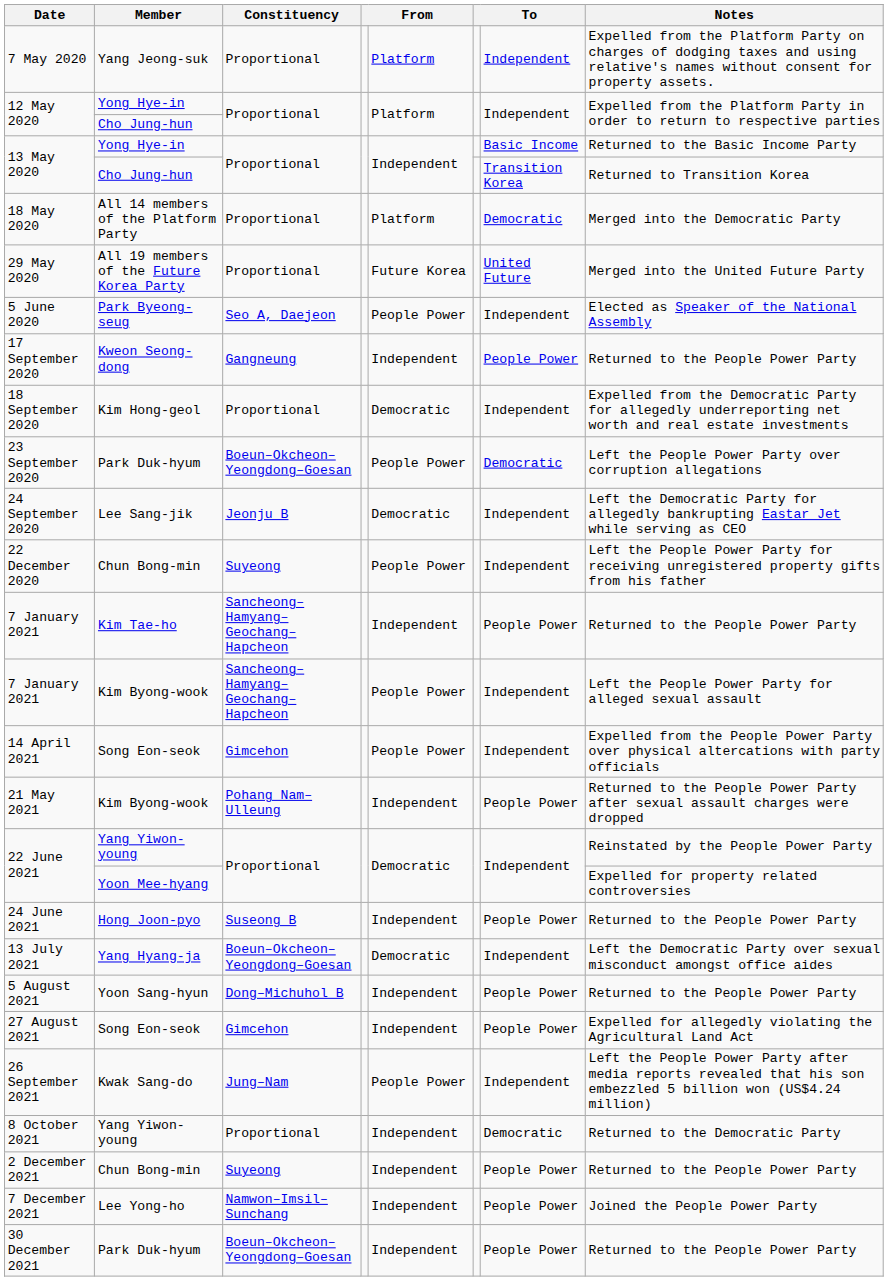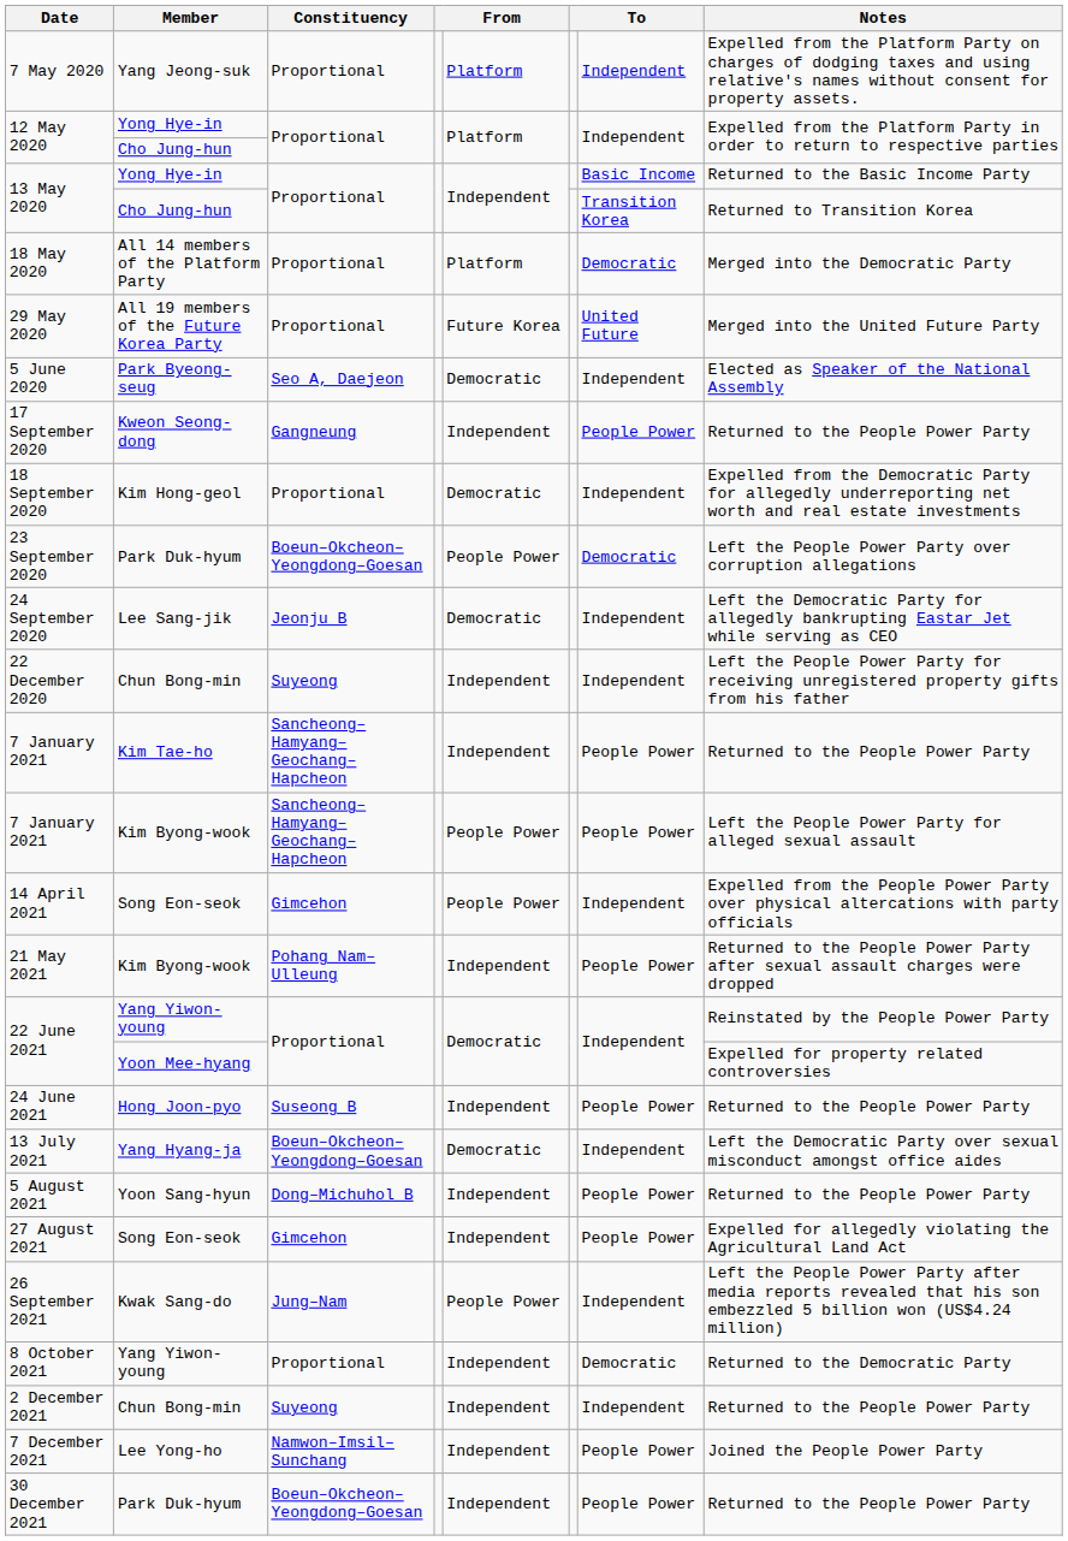 <table class="wikitable sortable plainrowheaders">
 <tr>
 <th>Date</th>
 <th style="width:120px;">Member</th>
 <th>Constituency</th>
 <th colspan="2" style="width:150px;">From</th>
 <th colspan="2" style="width:150px;">To</th>
 <th class="unsortable">Notes</th>
 </tr>
 <tr>
 <td>7 May 2020</td>
 <td>Yang Jeong-suk</td>
 <td>Proportional</td>
 <td width="1" scope="row" rowspan="1" style="background-color:"></td>
 <td><a href='#'>Platform</a></td>
 <td scope="row" style="background-color:"></td>
 <td><a href='#'>Independent</a></td>
 <td>Expelled from the Platform Party on charges of dodging taxes and using relative's names without consent for property assets.</td>
 </tr>
 <tr>
 <td rowspan="2">12 May 2020</td>
 <td><a href='#'>Yong Hye-in</a></td>
 <td rowspan="2">Proportional</td>
 <td width="1" scope="row" rowspan="2" style="background-color:"></td>
 <td rowspan="2">Platform</td>
 <td width="1" scope="row" rowspan="2" style="background-color:"></td>
 <td rowspan="2">Independent</td>
 <td rowspan="2">Expelled from the Platform Party in order to return to respective parties</td>
 </tr>
 <tr>
 <td><a href='#'>Cho Jung-hun</a></td>
 </tr>
 <tr>
 <td rowspan="2">13 May 2020</td>
 <td><a href='#'>Yong Hye-in</a></td>
 <td rowspan="2">Proportional</td>
 <td width="1" scope="row" rowspan="2" style="background-color:"></td>
 <td rowspan="2">Independent</td>
 <td width="1" scope="row" rowspan="1" style="background-color:"></td>
 <td><a href='#'>Basic Income</a></td>
 <td>Returned to the Basic Income Party</td>
 </tr>
 <tr>
 <td><a href='#'>Cho Jung-hun</a></td>
 <td width="1" scope="row" rowspan="1" style="background-color:"></td>
 <td><a href='#'>Transition Korea</a></td>
 <td>Returned to Transition Korea</td>
 </tr>
 <tr>
 <td>18 May 2020</td>
 <td>All 14 members of the Platform Party</td>
 <td>Proportional</td>
 <td width="1" scope="row" rowspan="1" style="background-color:"></td>
 <td>Platform</td>
 <td width="1" scope="row" rowspan="1" style="background-color:"></td>
 <td><a href='#'>Democratic</a></td>
 <td>Merged into the Democratic Party</td>
 </tr>
 <tr>
 <td>29 May 2020</td>
 <td>All 19 members of the <a href='#'>Future Korea Party</a></td>
 <td>Proportional</td>
 <td width="1" scope="row" rowspan="1" style="background-color:"></td>
 <td>Future Korea</td>
 <td width="1" scope="row" rowspan="1" style="background-color:"></td>
 <td><a href='#'>United Future</a></td>
 <td>Merged into the United Future Party</td>
 </tr>
 <tr>
 <td>5 June 2020</td>
 <td><a href='#'>Park Byeong-seug</a></td>
 <td><a href='#'>Seo A, Daejeon</a></td>
 <td width="1" scope="row" rowspan="1" style="background-color:"></td>
-<td>People Power</td>
+<td>Democratic</td>
 <td width="1" scope="row" rowspan="1" style="background-color:"></td>
 <td>Independent</td>
 <td>Elected as <a href='#'>Speaker of the National Assembly</a></td>
 </tr>
 <tr>
 <td>17 September 2020</td>
 <td><a href='#'>Kweon Seong-dong</a></td>
 <td><a href='#'>Gangneung</a></td>
 <td width="1" scope="row" rowspan="1" style="background-color:"></td>
 <td>Independent</td>
 <td width="1" scope="row" rowspan="1" style="background-color:"></td>
 <td><a href='#'>People Power</a></td>
 <td>Returned to the People Power Party</td>
 </tr>
 <tr>
 <td>18 September 2020</td>
 <td>Kim Hong-geol</td>
 <td>Proportional</td>
 <td width="1" scope="row" rowspan="1" style="background-color:"></td>
 <td>Democratic</td>
 <td width="1" scope="row" rowspan="1" style="background-color:"></td>
 <td>Independent</td>
 <td>Expelled from the Democratic Party for allegedly underreporting net worth and real estate investments</td>
 </tr>
 <tr>
 <td>23 September 2020</td>
 <td>Park Duk-hyum</td>
 <td><a href='#'>Boeun–Okcheon–Yeongdong–Goesan</a></td>
 <td width="1" scope="row" rowspan="1" style="background-color:"></td>
 <td>People Power</td>
 <td width="1" scope="row" rowspan="1" style="background-color:"></td>
 <td><a href='#'>Democratic</a></td>
 <td>Left the People Power Party over corruption allegations</td>
 </tr>
 <tr>
 <td>24 September 2020</td>
 <td>Lee Sang-jik</td>
 <td><a href='#'>Jeonju B</a></td>
 <td width="1" scope="row" rowspan="1" style="background-color:"></td>
 <td>Democratic</td>
 <td width="1" scope="row" rowspan="1" style="background-color:"></td>
 <td>Independent</td>
 <td>Left the Democratic Party for allegedly bankrupting <a href='#'>Eastar Jet</a> while serving as CEO</td>
 </tr>
 <tr>
 <td>22 December 2020</td>
 <td>Chun Bong-min</td>
 <td><a href='#'>Suyeong</a></td>
 <td width="1" scope="row" rowspan="1" style="background-color:"></td>
-<td>People Power</td>
+<td>Independent</td>
 <td width="1" scope="row" rowspan="1" style="background-color:"></td>
 <td>Independent</td>
 <td>Left the People Power Party for receiving unregistered property gifts from his father</td>
 </tr>
 <tr>
 <td>7 January 2021</td>
 <td><a href='#'>Kim Tae-ho</a></td>
 <td><a href='#'>Sancheong–Hamyang–Geochang–Hapcheon</a></td>
 <td width="1" scope="row" rowspan="1" style="background-color:"></td>
 <td>Independent</td>
 <td width="1" scope="row" rowspan="1" style="background-color:"></td>
 <td>People Power</td>
 <td>Returned to the People Power Party</td>
 </tr>
 <tr>
 <td>7 January 2021</td>
 <td>Kim Byong-wook</td>
 <td><a href='#'>Sancheong–Hamyang–Geochang–Hapcheon</a></td>
 <td width="1" scope="row" rowspan="1" style="background-color:"></td>
 <td>People Power</td>
 <td width="1" scope="row" rowspan="1" style="background-color:"></td>
-<td>Independent</td>
+<td>People Power</td>
 <td>Left the People Power Party for alleged sexual assault</td>
 </tr>
 <tr>
 <td>14 April 2021</td>
 <td>Song Eon-seok</td>
 <td><a href='#'>Gimcehon</a></td>
 <td width="1" scope="row" rowspan="1" style="background-color:"></td>
 <td>People Power</td>
 <td width="1" scope="row" rowspan="1" style="background-color:"></td>
 <td>Independent</td>
 <td>Expelled from the People Power Party over physical altercations with party officials</td>
 </tr>
 <tr>
 <td>21 May 2021</td>
 <td>Kim Byong-wook</td>
 <td><a href='#'>Pohang Nam–Ulleung</a></td>
 <td width="1" scope="row" rowspan="1" style="background-color:"></td>
 <td>Independent</td>
 <td width="1" scope="row" rowspan="1" style="background-color:"></td>
 <td>People Power</td>
 <td>Returned to the People Power Party after sexual assault charges were dropped</td>
 </tr>
 <tr>
 <td rowspan="2">22 June 2021</td>
 <td><a href='#'>Yang Yiwon-young</a></td>
 <td rowspan="2">Proportional</td>
 <td width="1" scope="row" rowspan="2" style="background-color:"></td>
 <td rowspan="2">Democratic</td>
 <td width="1" scope="row" rowspan="2" style="background-color:"></td>
 <td rowspan="2">Independent</td>
 <td>Reinstated by the People Power Party</td>
 </tr>
 <tr>
 <td><a href='#'>Yoon Mee-hyang</a></td>
 <td>Expelled for property related controversies</td>
 </tr>
 <tr>
 <td>24 June 2021</td>
 <td><a href='#'>Hong Joon-pyo</a></td>
 <td><a href='#'>Suseong B</a></td>
 <td width="1" scope="row" rowspan="1" style="background-color:"></td>
 <td>Independent</td>
 <td width="1" scope="row" rowspan="1" style="background-color:"></td>
 <td>People Power</td>
 <td>Returned to the People Power Party</td>
 </tr>
 <tr>
 <td>13 July 2021</td>
 <td><a href='#'>Yang Hyang-ja</a></td>
 <td><a href='#'>Boeun–Okcheon–Yeongdong–Goesan</a></td>
 <td width="1" scope="row" rowspan="1" style="background-color:"></td>
 <td>Democratic</td>
 <td width="1" scope="row" rowspan="1" style="background-color:"></td>
 <td>Independent</td>
 <td>Left the Democratic Party over sexual misconduct amongst office aides</td>
 </tr>
 <tr>
 <td>5 August 2021</td>
 <td>Yoon Sang-hyun</td>
 <td><a href='#'>Dong–Michuhol B</a></td>
 <td width="1" scope="row" rowspan="1" style="background-color:"></td>
 <td>Independent</td>
 <td width="1" scope="row" rowspan="1" style="background-color:"></td>
 <td>People Power</td>
 <td>Returned to the People Power Party</td>
 </tr>
 <tr>
 <td>27 August 2021</td>
 <td>Song Eon-seok</td>
 <td><a href='#'>Gimcehon</a></td>
 <td width="1" scope="row" rowspan="1" style="background-color:"></td>
 <td>Independent</td>
 <td width="1" scope="row" rowspan="1" style="background-color:"></td>
 <td>People Power</td>
 <td>Expelled for allegedly violating the Agricultural Land Act</td>
 </tr>
 <tr>
 <td>26 September 2021</td>
 <td>Kwak Sang-do</td>
 <td><a href='#'>Jung–Nam</a></td>
 <td width="1" scope="row" rowspan="1" style="background-color:"></td>
 <td>People Power</td>
 <td width="1" scope="row" rowspan="1" style="background-color:"></td>
 <td>Independent</td>
 <td>Left the People Power Party after media reports revealed that his son embezzled 5 billion won (US$4.24 million)</td>
 </tr>
 <tr>
 <td>8 October 2021</td>
 <td>Yang Yiwon-young</td>
 <td>Proportional</td>
 <td width="1" scope="row" rowspan="1" style="background-color:"></td>
 <td>Independent</td>
 <td width="1" scope="row" rowspan="1" style="background-color:"></td>
 <td>Democratic</td>
 <td>Returned to the Democratic Party</td>
 </tr>
 <tr>
 <td>2 December 2021</td>
 <td>Chun Bong-min</td>
 <td><a href='#'>Suyeong</a></td>
 <td width="1" scope="row" rowspan="1" style="background-color:"></td>
 <td>Independent</td>
 <td width="1" scope="row" rowspan="1" style="background-color:"></td>
-<td>People Power</td>
+<td>Independent</td>
 <td>Returned to the People Power Party</td>
 </tr>
 <tr>
 <td>7 December 2021</td>
 <td>Lee Yong-ho</td>
 <td><a href='#'>Namwon–Imsil–Sunchang</a></td>
 <td width="1" scope="row" rowspan="1" style="background-color:"></td>
 <td>Independent</td>
 <td width="1" scope="row" rowspan="1" style="background-color:"></td>
 <td>People Power</td>
 <td>Joined the People Power Party</td>
 </tr>
 <tr>
 <td>30 December 2021</td>
 <td>Park Duk-hyum</td>
 <td><a href='#'>Boeun–Okcheon–Yeongdong–Goesan</a></td>
 <td width="1" scope="row" rowspan="1" style="background-color:"></td>
 <td>Independent</td>
 <td width="1" scope="row" rowspan="1" style="background-color:"></td>
 <td>People Power</td>
 <td>Returned to the People Power Party</td>
 </tr>
 </table>
